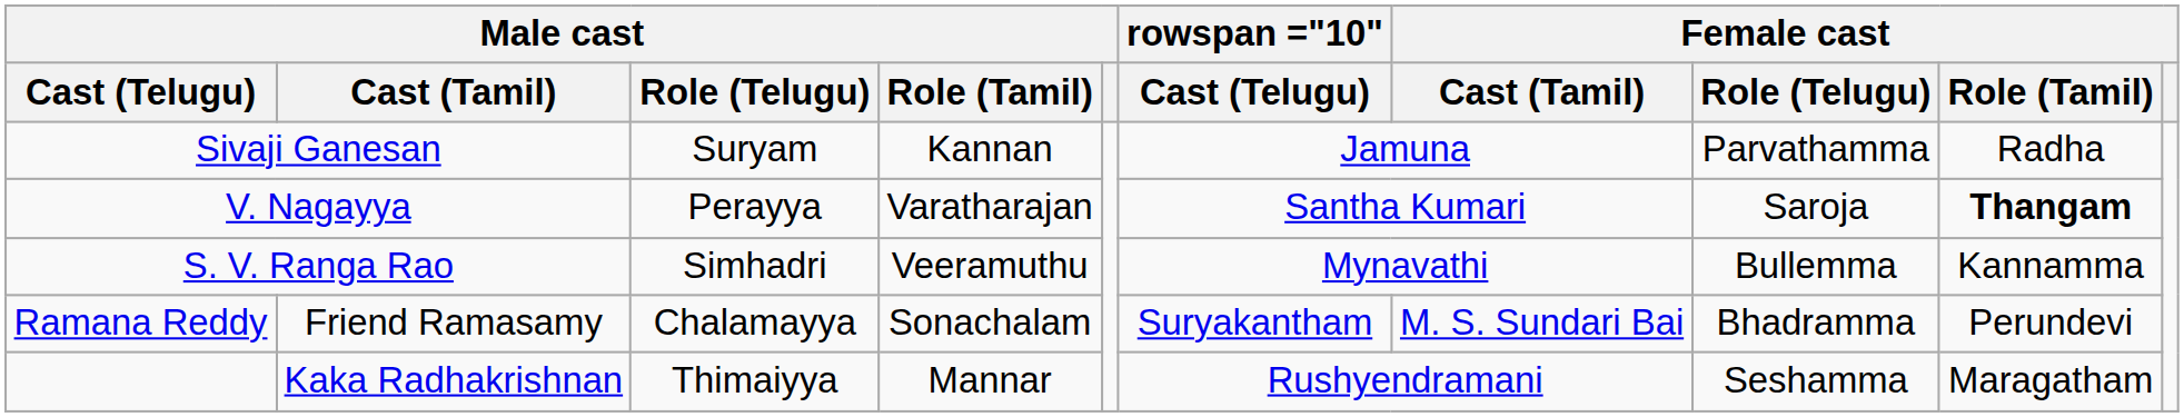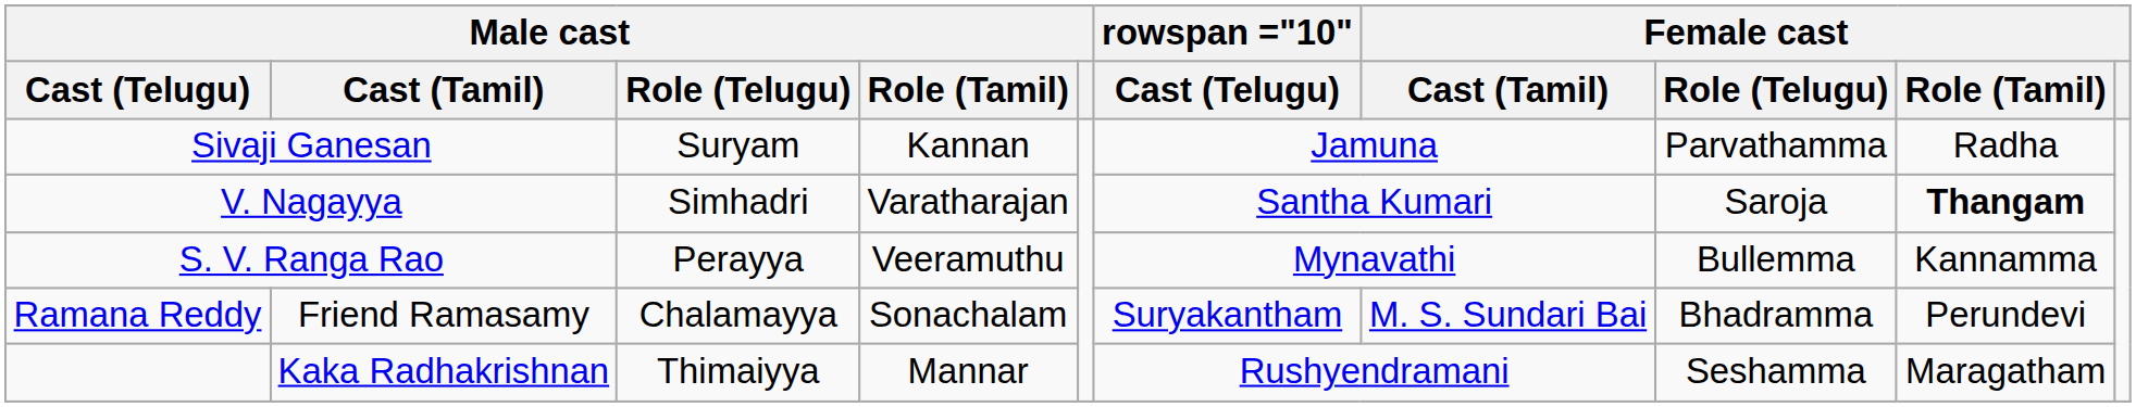 <table class="wikitable">
 <tr>
 <th colspan="5">Male cast</th>
 <th>rowspan ="10" </th>
 <th colspan="5">Female cast</th>
 </tr>
 <tr>
 <th>Cast (Telugu)</th>
 <th>Cast (Tamil)</th>
 <th>Role (Telugu)</th>
 <th>Role (Tamil)</th>
 <th scope="col" class="unsortable" ></th>
 <th>Cast (Telugu)</th>
 <th>Cast (Tamil)</th>
 <th>Role (Telugu)</th>
 <th>Role (Tamil)</th>
 <th scope="col" class="unsortable" ></th>
 </tr>
 <tr>
 <td colspan="2" style="text-align:center;"><a href='#'>Sivaji Ganesan</a></td>
 <td style="text-align:center;">Suryam</td>
 <td style="text-align:center;">Kannan</td>
 <td rowspan="5"></td>
 <td colspan="2" style="text-align:center;"><a href='#'>Jamuna</a></td>
 <td style="text-align:center;">Parvathamma</td>
 <td style="text-align:center;">Radha</td>
 <td rowspan="5"></td>
 </tr>
 <tr>
 <td colspan="2" style="text-align:center;"><a href='#'>V. Nagayya</a></td>
-<td style="text-align:center;">Perayya</td>
+<td style="text-align:center;">Simhadri</td>
 <td style="text-align:center;">Varatharajan</td>
 <td colspan="2" style="text-align:center;"><a href='#'>Santha Kumari</a></td>
 <td style="text-align:center;">Saroja</td>
 <td style="text-align:center;"><strong>Thangam</strong></td>
 </tr>
 <tr>
 <td colspan="2" style="text-align:center;"><a href='#'>S. V. Ranga Rao</a></td>
-<td style="text-align:center;">Simhadri</td>
+<td style="text-align:center;">Perayya</td>
 <td style="text-align:center;">Veeramuthu</td>
 <td colspan="2" style="text-align:center;"><a href='#'>Mynavathi</a></td>
 <td style="text-align:center;">Bullemma</td>
 <td style="text-align:center;">Kannamma</td>
 </tr>
 <tr>
 <td style="text-align:center;"><a href='#'>Ramana Reddy</a></td>
 <td style="text-align:center;">Friend Ramasamy</td>
 <td style="text-align:center;">Chalamayya</td>
 <td style="text-align:center;">Sonachalam</td>
 <td style="text-align:center;"><a href='#'>Suryakantham</a></td>
 <td style="text-align:center;"><a href='#'>M. S. Sundari Bai</a></td>
 <td style="text-align:center;">Bhadramma</td>
 <td style="text-align:center;">Perundevi</td>
 </tr>
 <tr>
 <td style="text-align:center;"></td>
 <td style="text-align:center;"><a href='#'>Kaka Radhakrishnan</a></td>
 <td style="text-align:center;">Thimaiyya</td>
 <td style="text-align:center;">Mannar</td>
 <td colspan="2" style="text-align:center;"><a href='#'>Rushyendramani</a></td>
 <td style="text-align:center;">Seshamma</td>
 <td style="text-align:center;">Maragatham</td>
 </tr>
 </table>
